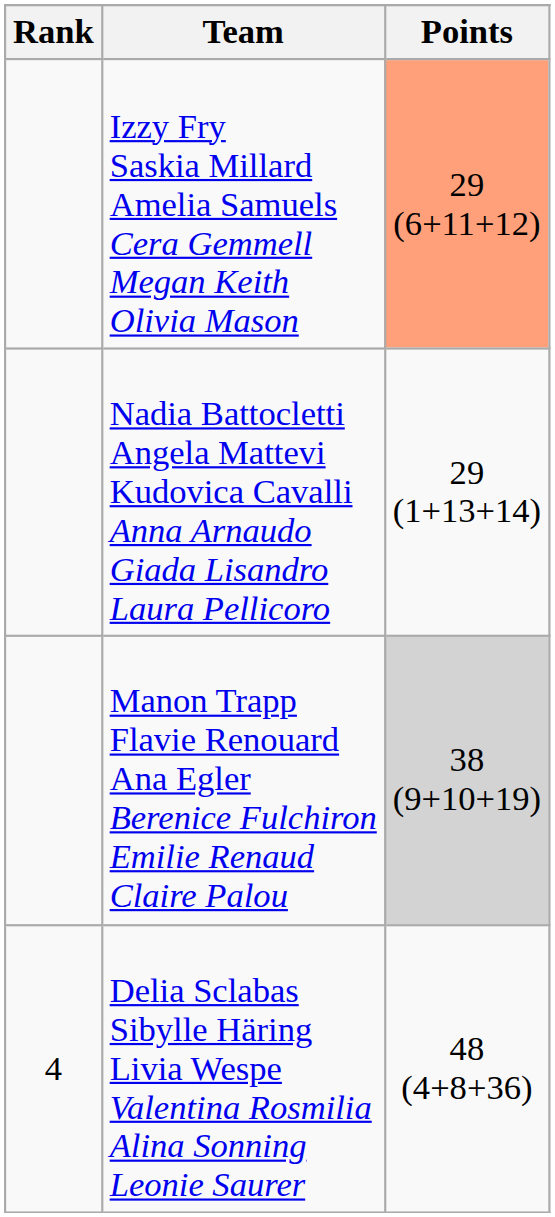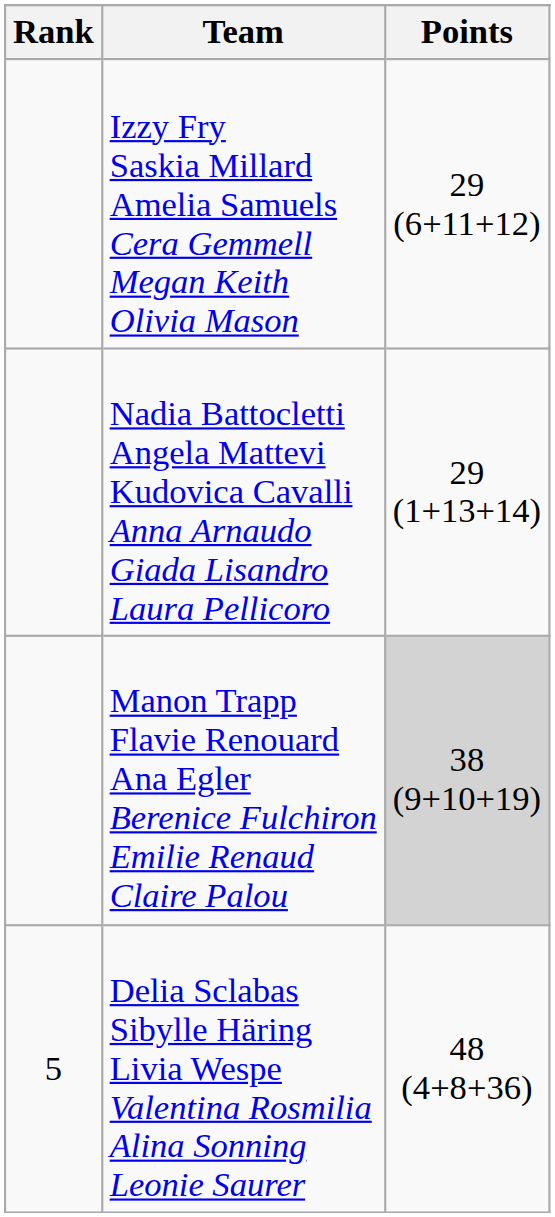 <table class="wikitable" style="text-align:center;">
 <tr>
 </tr>
 <tr>
 <th>Rank</th>
 <th>Team</th>
 <th>Points</th>
 </tr>
 <tr>
 <td></td>
 <td align=left><br><a href='#'>Izzy Fry</a><br><a href='#'>Saskia Millard</a><br><a href='#'>Amelia Samuels</a><br><em><a href='#'>Cera Gemmell</a></em><br><em><a href='#'>Megan Keith</a></em><br><em><a href='#'>Olivia Mason</a></em></td>
-<td style="background: lightsalmon;">29<br>(6+11+12)</td>
+<td>29<br>(6+11+12)</td>
 </tr>
 <tr>
 <td></td>
 <td align=left><br><a href='#'>Nadia Battocletti</a><br><a href='#'>Angela Mattevi</a><br><a href='#'>Kudovica Cavalli</a><br><em><a href='#'>Anna Arnaudo</a></em><br><em><a href='#'>Giada Lisandro</a></em><br><em><a href='#'>Laura Pellicoro</a></em></td>
 <td>29<br>(1+13+14)</td>
 </tr>
 <tr>
 <td></td>
 <td align=left><br><a href='#'>Manon Trapp</a><br><a href='#'>Flavie Renouard</a><br><a href='#'>Ana Egler</a><br><em><a href='#'>Berenice Fulchiron</a></em><br><em><a href='#'>Emilie Renaud</a></em><br><em><a href='#'>Claire Palou</a></em></td>
 <td style="background: lightgrey;">38<br>(9+10+19)</td>
 </tr>
 <tr>
-<td>4</td>
+<td>5</td>
 <td align=left><br><a href='#'>Delia Sclabas</a><br><a href='#'>Sibylle Häring</a><br><a href='#'>Livia Wespe</a><br><em><a href='#'>Valentina Rosmilia</a></em><br><em><a href='#'>Alina Sonning</a></em><br><em><a href='#'>Leonie Saurer</a></em></td>
 <td>48<br>(4+8+36)</td>
 </tr>
 </table>
